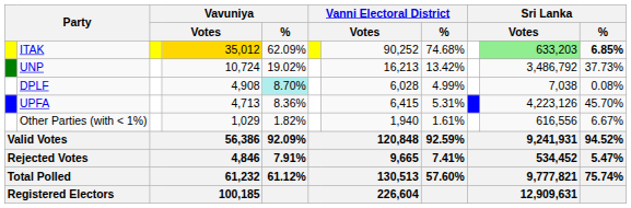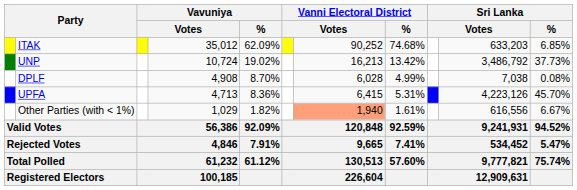 <table class="wikitable">
 <tr>
 <th colspan="2" width="144px"rowspan="2">Party</th>
 <th colspan="3" width="216px">Vavuniya</th>
 <th colspan="3" width="216px"><a href='#'>Vanni Electoral District</a></th>
 <th colspan="3" width="216px">Sri Lanka</th>
 </tr>
 <tr>
 <th colspan="2" width="144px">Votes</th>
 <th>%</th>
 <th colspan="2" width="144px">Votes</th>
 <th>%</th>
 <th colspan="2" width="144px">Votes</th>
 <th>%</th>
 </tr>
 <tr>
 <td style="background-color:yellow;" width="10px"></td>
 <td style="text-align:left;"><a href='#'>ITAK</a></td>
 <td style="background-color:yellow;" width="10px"></td>
-<td style="background: gold; text-align:right;">35,012</td>
+<td style="text-align:right;">35,012</td>
 <td style="text-align:right;">62.09%</td>
 <td style="background-color:yellow;" width="10px"></td>
 <td style="text-align:right;">90,252</td>
 <td style="text-align:right;">74.68%</td>
 <td style="background-color:white;" width="10px"></td>
-<td style="background: lightgreen; text-align:right;">633,203</td>
-<td style="text-align:right;"><strong>6.85%</strong></td>
+<td style="text-align:right;">633,203</td>
+<td style="text-align:right;">6.85%</td>
 </tr>
 <tr>
 <td style="background-color:green;" width="10px"></td>
 <td style="text-align:left;"><a href='#'>UNP</a></td>
 <td style="background-color:white;" width="10px"></td>
 <td style="text-align:right;">10,724</td>
 <td style="text-align:right;">19.02%</td>
 <td style="background-color:white;" width="10px"></td>
 <td style="text-align:right;">16,213</td>
 <td style="text-align:right;">13.42%</td>
 <td style="background-color:white;" width="10px"></td>
 <td style="text-align:right;">3,486,792</td>
 <td style="text-align:right;">37.73%</td>
 </tr>
 <tr>
 <td style="background-color:white;" width="10px"></td>
 <td style="text-align:left;"><a href='#'>DPLF</a></td>
 <td style="background-color:white;" width="10px"></td>
 <td style="text-align:right;">4,908</td>
-<td style="background: paleturquoise; text-align:right;">8.70%</td>
+<td style="text-align:right;">8.70%</td>
 <td style="background-color:white;" width="10px"></td>
 <td style="text-align:right;">6,028</td>
 <td style="text-align:right;">4.99%</td>
 <td style="background-color:white;" width="10px"></td>
 <td style="text-align:right;">7,038</td>
 <td style="text-align:right;">0.08%</td>
 </tr>
 <tr>
 <td style="background-color:blue;" width="10px"></td>
 <td style="text-align:left;"><a href='#'>UPFA</a></td>
 <td style="background-color:white;" width="10px"></td>
 <td style="text-align:right;">4,713</td>
 <td style="text-align:right;">8.36%</td>
 <td style="background-color:white;" width="10px"></td>
 <td style="text-align:right;">6,415</td>
 <td style="text-align:right;">5.31%</td>
 <td style="background-color:blue;" width="10px"></td>
 <td style="text-align:right;">4,223,126</td>
 <td style="text-align:right;">45.70%</td>
 </tr>
 <tr>
 <td style="background-color:white;" width="10px"></td>
 <td style="text-align:left;">Other Parties (with < 1%)</td>
 <td style="background-color:white;" width="10px"></td>
 <td style="text-align:right;">1,029</td>
 <td style="text-align:right;">1.82%</td>
 <td style="background-color:white;" width="10px"></td>
-<td style="text-align:right;">1,940</td>
+<td style="background: lightsalmon; text-align:right;">1,940</td>
 <td style="text-align:right;">1.61%</td>
 <td style="background-color:white;" width="10px"></td>
 <td style="text-align:right;">616,556</td>
 <td style="text-align:right;">6.67%</td>
 </tr>
 <tr>
 <th colspan="2" width="144px"style="text-align:left;">Valid Votes</th>
 <th style="text-align:right;"colspan="2" width="144px">56,386</th>
 <th style="text-align:right;">92.09%</th>
 <th style="text-align:right;"colspan="2" width="144px">120,848</th>
 <th style="text-align:right;">92.59%</th>
 <th style="text-align:right;"colspan="2" width="144px">9,241,931</th>
 <th style="text-align:right;">94.52%</th>
 </tr>
 <tr>
 <th colspan="2" width="144px"style="text-align:left;">Rejected Votes</th>
 <th style="text-align:right;"colspan="2" width="144px">4,846</th>
 <th style="text-align:right;">7.91%</th>
 <th style="text-align:right;"colspan="2" width="144px">9,665</th>
 <th style="text-align:right;">7.41%</th>
 <th style="text-align:right;"colspan="2" width="144px">534,452</th>
 <th style="text-align:right;">5.47%</th>
 </tr>
 <tr>
 <th colspan="2" width="144px"style="text-align:left;">Total Polled</th>
 <th style="text-align:right;"colspan="2" width="144px">61,232</th>
 <th style="text-align:right;">61.12%</th>
 <th style="text-align:right;"colspan="2" width="144px">130,513</th>
 <th style="text-align:right;">57.60%</th>
 <th style="text-align:right;"colspan="2" width="144px">9,777,821</th>
 <th style="text-align:right;">75.74%</th>
 </tr>
 <tr>
 <th colspan="2" width="144px"style="text-align:left;">Registered Electors</th>
 <th style="text-align:right;"colspan="2" width="144px">100,185</th>
 <th></th>
 <th style="text-align:right;"colspan="2" width="144px">226,604</th>
 <th></th>
 <th style="text-align:right;"colspan="2" width="144px">12,909,631</th>
 <th></th>
 </tr>
 </table>
